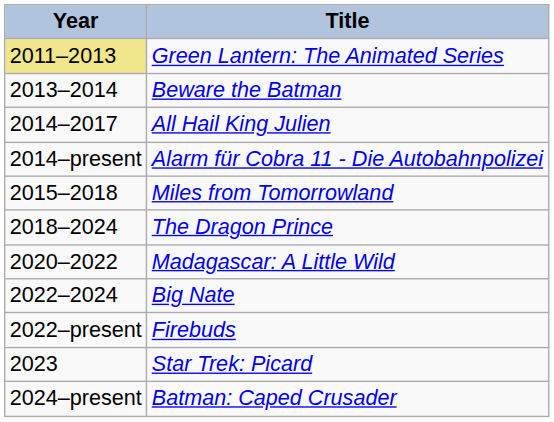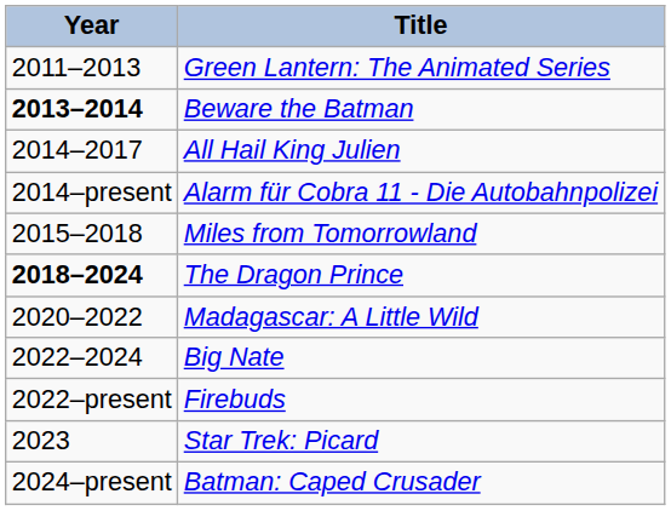 <table class="wikitable">
 <tr>
 <th style="background:#B0C4DE;">Year</th>
 <th style="background:#B0C4DE;">Title</th>
 </tr>
 <tr>
-<td style="background: khaki;">2011–2013</td>
+<td>2011–2013</td>
 <td><em><a href='#'>Green Lantern: The Animated Series</a></em></td>
 </tr>
 <tr>
-<td>2013–2014</td>
+<td><strong>2013–2014</strong></td>
 <td><em><a href='#'>Beware the Batman</a></em></td>
 </tr>
 <tr>
 <td>2014–2017</td>
 <td><em><a href='#'>All Hail King Julien</a></em></td>
 </tr>
 <tr>
 <td>2014–present</td>
 <td><em><a href='#'>Alarm für Cobra 11 - Die Autobahnpolizei</a></em></td>
 </tr>
 <tr>
 <td>2015–2018</td>
 <td><em><a href='#'>Miles from Tomorrowland</a></em></td>
 </tr>
 <tr>
-<td>2018–2024</td>
+<td><strong>2018–2024</strong></td>
 <td><em><a href='#'>The Dragon Prince</a></em></td>
 </tr>
 <tr>
 <td>2020–2022</td>
 <td><em><a href='#'>Madagascar: A Little Wild</a></em></td>
 </tr>
 <tr>
 <td>2022–2024</td>
 <td><em><a href='#'>Big Nate</a></em></td>
 </tr>
 <tr>
 <td>2022–present</td>
 <td><em><a href='#'>Firebuds</a></em></td>
 </tr>
 <tr>
 <td>2023</td>
 <td><em><a href='#'>Star Trek: Picard</a></em></td>
 </tr>
 <tr>
 <td>2024–present</td>
 <td><em><a href='#'>Batman: Caped Crusader</a></em></td>
 </tr>
 </table>
